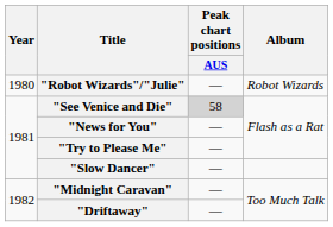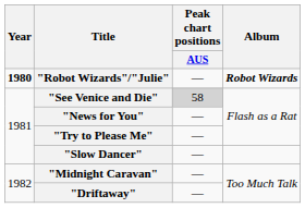 <table class="wikitable plainrowheaders" style="text-align:center;" border="1">
 <tr>
 <th scope="col" rowspan="2">Year</th>
 <th scope="col" rowspan="2">Title</th>
 <th scope="col" colspan="1">Peak chart<br>positions</th>
 <th scope="col" rowspan="2">Album</th>
 </tr>
 <tr>
 <th scope="col" style="width:3em;font-size:90%;"><a href='#'>AUS</a><br></th>
 </tr>
 <tr>
-<td>1980</td>
+<td><strong>1980</strong></td>
 <th scope="row">"Robot Wizards"/"Julie"</th>
 <td>—</td>
-<td><em>Robot Wizards</em></td>
+<td><strong><em>Robot Wizards</em></strong></td>
 </tr>
 <tr>
 <td rowspan="4">1981</td>
 <th scope="row">"See Venice and Die"</th>
 <td style="background: lightgrey;">58</td>
 <td rowspan="3"><em>Flash as a Rat</em></td>
 </tr>
 <tr>
 <th scope="row">"News for You"</th>
 <td>—</td>
 </tr>
 <tr>
 <th scope="row">"Try to Please Me"</th>
 <td>—</td>
 </tr>
 <tr>
 <th scope="row">"Slow Dancer"</th>
 <td>—</td>
 <td></td>
 </tr>
 <tr>
 <td rowspan="2">1982</td>
 <th scope="row">"Midnight Caravan"</th>
 <td>—</td>
 <td rowspan="2"><em>Too Much Talk</em></td>
 </tr>
 <tr>
 <th scope="row">"Driftaway"</th>
 <td>—</td>
 </tr>
 </table>
